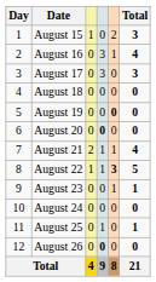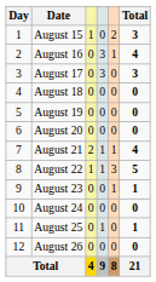 <table class=wikitable style=font-size:85%;text-align:center;float:right>
 <tr>
 <th>Day</th>
 <th>Date</th>
 <td bgcolor=F7F6A8></td>
 <td bgcolor=DCE5E5></td>
 <td bgcolor=FFDAB9></td>
 <th>Total</th>
 </tr>
 <tr>
 <td>1</td>
 <td>August 15</td>
 <td bgcolor=F7F6A8>1</td>
 <td bgcolor=DCE5E5>0</td>
 <td bgcolor=FFDAB9>2</td>
 <td><strong>3</strong></td>
 </tr>
 <tr>
 <td>2</td>
 <td>August 16</td>
 <td bgcolor=F7F6A8>0</td>
 <td bgcolor=DCE5E5>3</td>
 <td bgcolor=FFDAB9>1</td>
 <td><strong>4</strong></td>
 </tr>
 <tr>
 <td>3</td>
 <td>August 17</td>
 <td bgcolor=F7F6A8>0</td>
 <td bgcolor=DCE5E5>3</td>
 <td bgcolor=FFDAB9>0</td>
 <td><strong>3</strong></td>
 </tr>
 <tr>
 <td>4</td>
 <td>August 18</td>
 <td bgcolor=F7F6A8>0</td>
 <td bgcolor=DCE5E5>0</td>
 <td bgcolor=FFDAB9>0</td>
 <td><strong>0</strong></td>
 </tr>
 <tr>
 <td>5</td>
 <td>August 19</td>
 <td bgcolor=F7F6A8>0</td>
 <td bgcolor=DCE5E5>0</td>
-<td bgcolor=FFDAB9><strong>0</strong></td>
+<td bgcolor=FFDAB9>0</td>
 <td><strong>0</strong></td>
 </tr>
 <tr>
 <td>6</td>
 <td>August 20</td>
 <td bgcolor=F7F6A8>0</td>
-<td bgcolor=DCE5E5><strong>0</strong></td>
+<td bgcolor=DCE5E5>0</td>
 <td bgcolor=FFDAB9>0</td>
 <td><strong>0</strong></td>
 </tr>
 <tr>
 <td>7</td>
 <td>August 21</td>
 <td bgcolor=F7F6A8>2</td>
 <td bgcolor=DCE5E5>1</td>
 <td bgcolor=FFDAB9>1</td>
 <td><strong>4</strong></td>
 </tr>
 <tr>
 <td>8</td>
 <td>August 22</td>
 <td bgcolor=F7F6A8>1</td>
 <td bgcolor=DCE5E5>1</td>
-<td bgcolor=FFDAB9><strong>3</strong></td>
+<td bgcolor=FFDAB9>3</td>
 <td><strong>5</strong></td>
 </tr>
 <tr>
 <td>9</td>
 <td>August 23</td>
 <td bgcolor=F7F6A8>0</td>
 <td bgcolor=DCE5E5>0</td>
 <td bgcolor=FFDAB9>1</td>
 <td><strong>1</strong></td>
 </tr>
 <tr>
 <td>10</td>
 <td>August 24</td>
 <td bgcolor=F7F6A8>0</td>
 <td bgcolor=DCE5E5>0</td>
 <td bgcolor=FFDAB9>0</td>
 <td><strong>0</strong></td>
 </tr>
 <tr>
 <td>11</td>
 <td>August 25</td>
 <td bgcolor=F7F6A8>0</td>
 <td bgcolor=DCE5E5>1</td>
 <td bgcolor=FFDAB9>0</td>
 <td><strong>1</strong></td>
 </tr>
 <tr>
 <td>12</td>
 <td>August 26</td>
 <td bgcolor=F7F6A8>0</td>
-<td bgcolor=DCE5E5><strong>0</strong></td>
+<td bgcolor=DCE5E5>0</td>
 <td bgcolor=FFDAB9>0</td>
 <td><strong>0</strong></td>
 </tr>
 <tr>
 <th colspan=2>Total</th>
 <th style=background:gold>4</th>
 <th style=background:silver>9</th>
 <th style=background:#c96>8</th>
 <th>21</th>
 </tr>
 </table>
